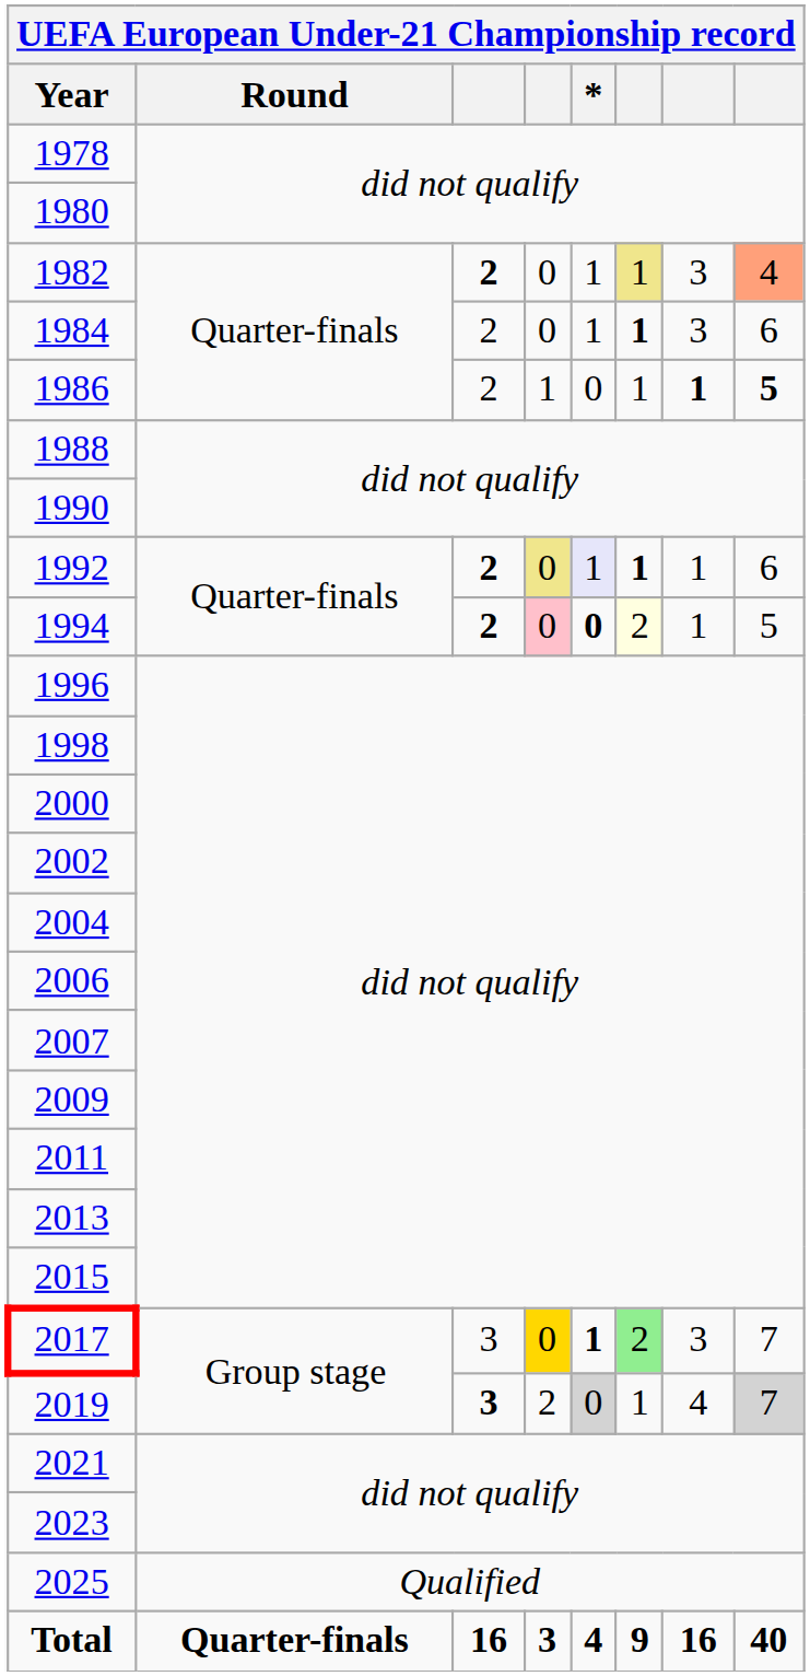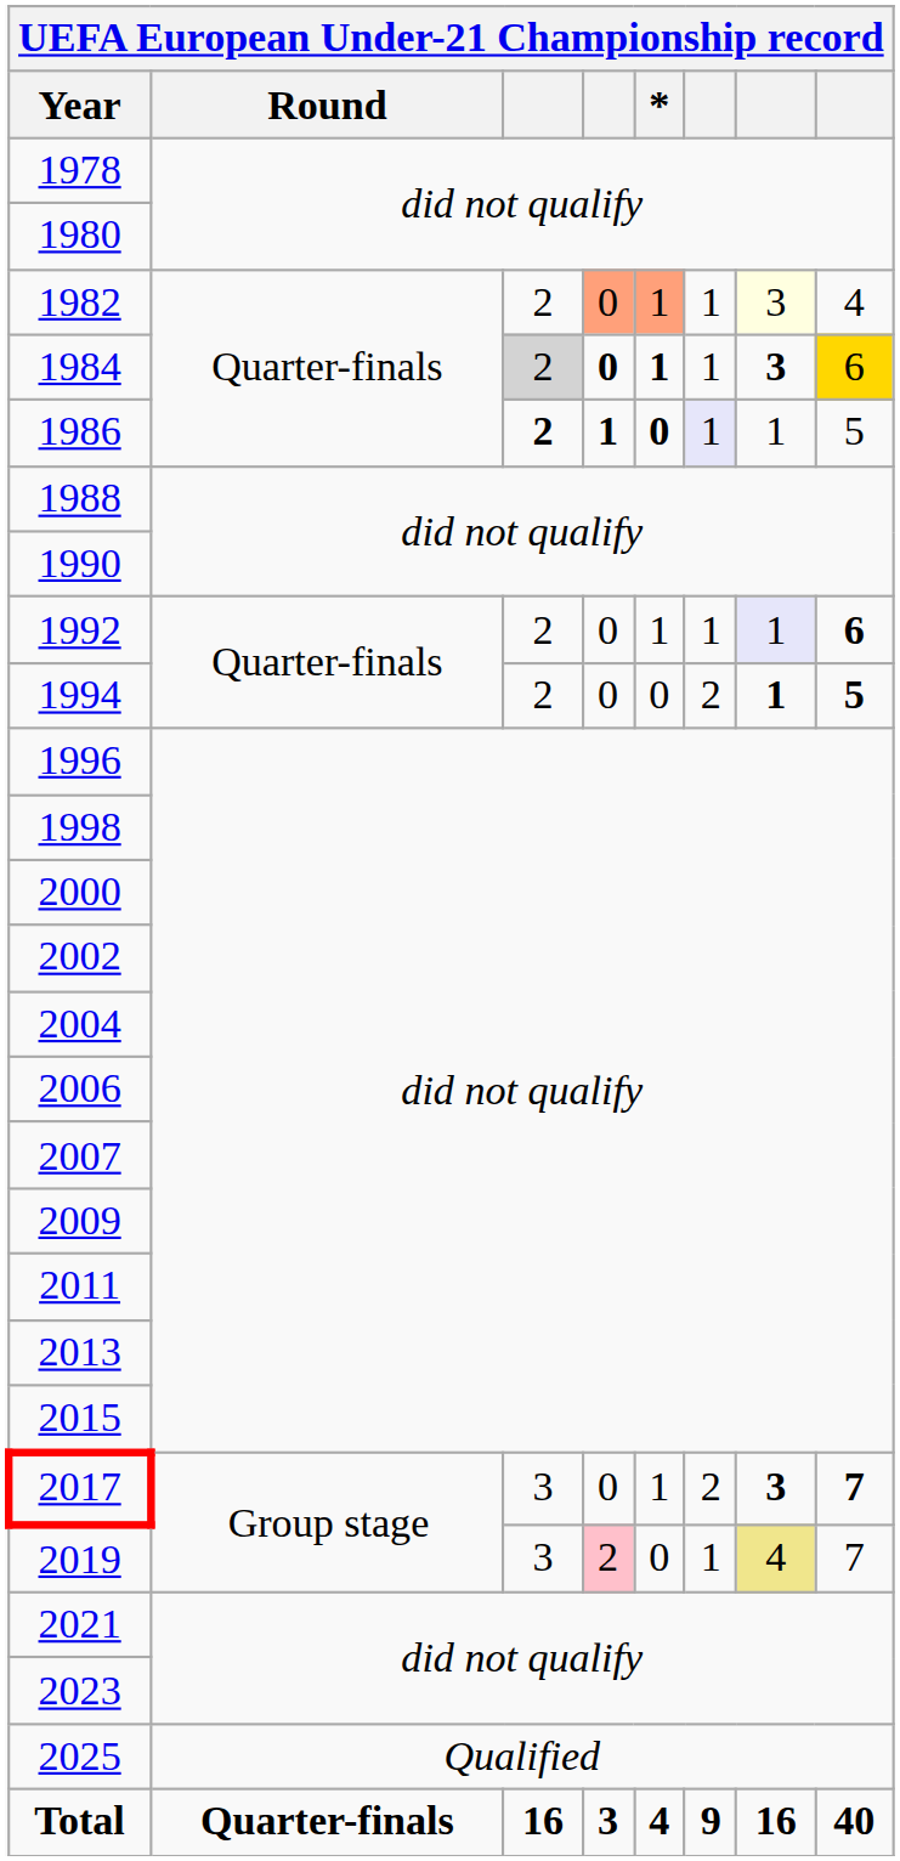 <table class="wikitable" style="text-align: center;">
 <tr>
 <th colspan=9><a href='#'>UEFA European Under-21 Championship record</a></th>
 </tr>
 <tr>
 <th>Year</th>
 <th>Round</th>
 <th></th>
 <th></th>
 <th> *</th>
 <th></th>
 <th></th>
 <th></th>
 </tr>
 <tr>
 <td><a href='#'>1978</a></td>
 <td colspan=7 rowspan=2><em>did not qualify</em></td>
 </tr>
 <tr>
 <td><a href='#'>1980</a></td>
 </tr>
 <tr>
 <td><a href='#'>1982</a></td>
 <td rowspan=3>Quarter-finals</td>
-<td><strong>2</strong></td>
-<td>0</td>
+<td>2</td>
+<td style="background: lightsalmon;">0</td>
+<td style="background: lightsalmon;">1</td>
 <td>1</td>
-<td style="background: khaki;">1</td>
-<td>3</td>
-<td style="background: lightsalmon;">4</td>
+<td style="background: lightyellow;">3</td>
+<td>4</td>
 </tr>
 <tr>
 <td><a href='#'>1984</a></td>
-<td>2</td>
-<td>0</td>
+<td style="background: lightgrey;">2</td>
+<td><strong>0</strong></td>
+<td><strong>1</strong></td>
 <td>1</td>
-<td><strong>1</strong></td>
-<td>3</td>
-<td>6</td>
+<td><strong>3</strong></td>
+<td style="background: gold;">6</td>
 </tr>
 <tr>
 <td><a href='#'>1986</a></td>
-<td>2</td>
+<td><strong>2</strong></td>
+<td><strong>1</strong></td>
+<td><strong>0</strong></td>
+<td style="background: lavender;">1</td>
 <td>1</td>
-<td>0</td>
-<td>1</td>
-<td><strong>1</strong></td>
-<td><strong>5</strong></td>
+<td>5</td>
 </tr>
 <tr>
 <td><a href='#'>1988</a></td>
 <td colspan=7 rowspan=2><em>did not qualify</em></td>
 </tr>
 <tr>
 <td><a href='#'>1990</a></td>
 </tr>
 <tr>
 <td><a href='#'>1992</a></td>
 <td rowspan=2>Quarter-finals</td>
-<td><strong>2</strong></td>
-<td style="background: khaki;">0</td>
+<td>2</td>
+<td>0</td>
+<td>1</td>
+<td>1</td>
 <td style="background: lavender;">1</td>
-<td><strong>1</strong></td>
-<td>1</td>
-<td>6</td>
+<td><strong>6</strong></td>
 </tr>
 <tr>
 <td> <a href='#'>1994</a></td>
-<td><strong>2</strong></td>
-<td style="background: pink;">0</td>
-<td><strong>0</strong></td>
-<td style="background: lightyellow;">2</td>
-<td>1</td>
-<td>5</td>
+<td>2</td>
+<td>0</td>
+<td>0</td>
+<td>2</td>
+<td><strong>1</strong></td>
+<td><strong>5</strong></td>
 </tr>
 <tr>
 <td> <a href='#'>1996</a></td>
 <td colspan=7 rowspan=11><em>did not qualify</em></td>
 </tr>
 <tr>
 <td> <a href='#'>1998</a></td>
 </tr>
 <tr>
 <td> <a href='#'>2000</a></td>
 </tr>
 <tr>
 <td> <a href='#'>2002</a></td>
 </tr>
 <tr>
 <td> <a href='#'>2004</a></td>
 </tr>
 <tr>
 <td> <a href='#'>2006</a></td>
 </tr>
 <tr>
 <td> <a href='#'>2007</a></td>
 </tr>
 <tr>
 <td> <a href='#'>2009</a></td>
 </tr>
 <tr>
 <td> <a href='#'>2011</a></td>
 </tr>
 <tr>
 <td> <a href='#'>2013</a></td>
 </tr>
 <tr>
 <td> <a href='#'>2015</a></td>
 </tr>
 <tr>
 <td style="border: 3px solid red"> <a href='#'>2017</a></td>
 <td rowspan=2>Group stage</td>
 <td>3</td>
-<td style="background: gold;">0</td>
-<td><strong>1</strong></td>
-<td style="background: lightgreen;">2</td>
-<td>3</td>
-<td>7</td>
+<td>0</td>
+<td>1</td>
+<td>2</td>
+<td><strong>3</strong></td>
+<td><strong>7</strong></td>
 </tr>
 <tr>
 <td>  <a href='#'>2019</a></td>
-<td><strong>3</strong></td>
-<td>2</td>
-<td style="background: lightgrey;">0</td>
+<td>3</td>
+<td style="background: pink;">2</td>
+<td>0</td>
 <td>1</td>
-<td>4</td>
-<td style="background: lightgrey;">7</td>
+<td style="background: khaki;">4</td>
+<td>7</td>
 </tr>
 <tr>
 <td>  <a href='#'>2021</a></td>
 <td colspan=7 rowspan=2><em>did not qualify</em></td>
 </tr>
 <tr>
 <td>  <a href='#'>2023</a></td>
 </tr>
 <tr>
 <td> <a href='#'>2025</a></td>
 <td colspan=7><em>Qualified</em></td>
 </tr>
 <tr>
 <td><strong>Total</strong></td>
 <td><strong>Quarter-finals</strong></td>
 <td><strong>16</strong></td>
 <td><strong>3</strong></td>
 <td><strong>4</strong></td>
 <td><strong>9</strong></td>
 <td><strong>16</strong></td>
 <td><strong>40</strong></td>
 </tr>
 </table>
